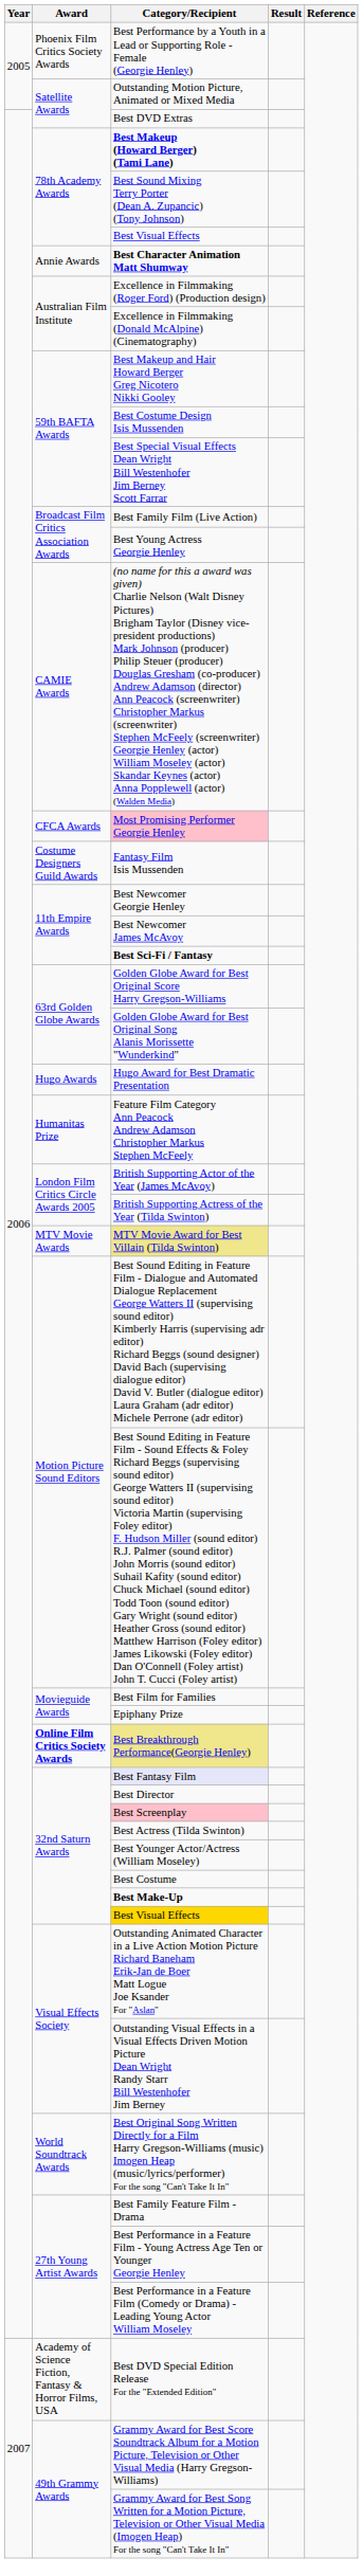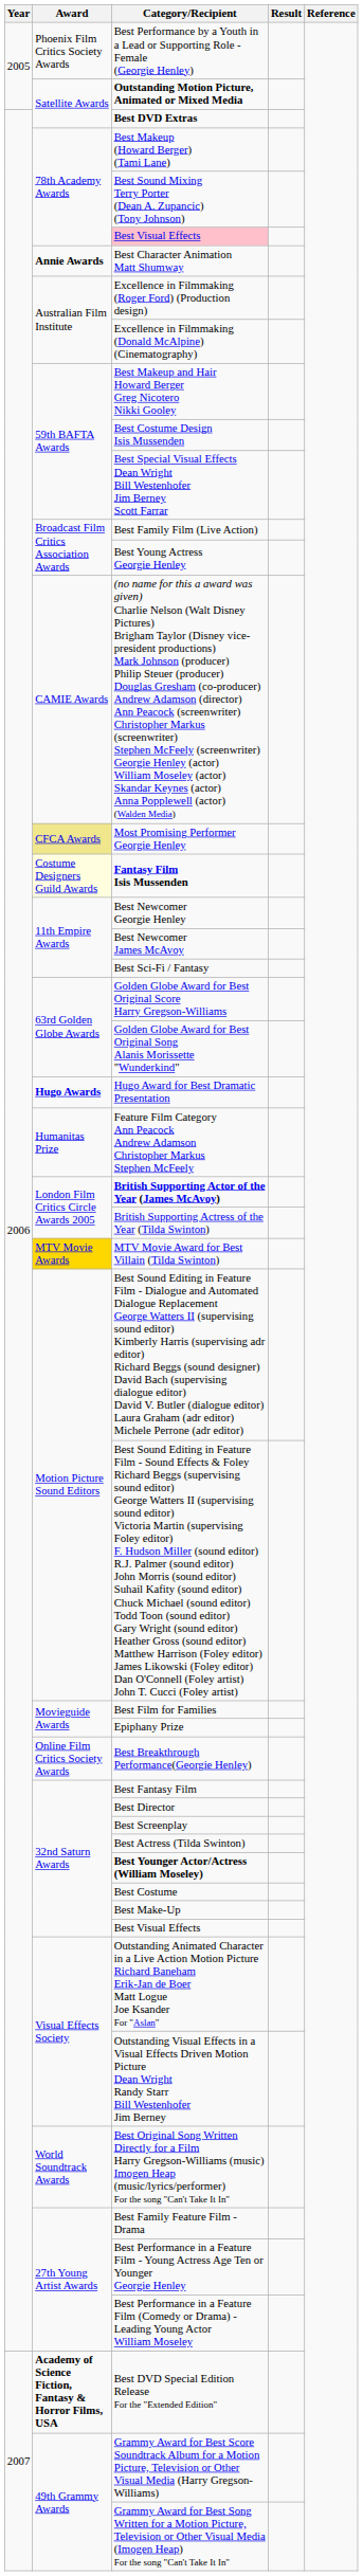 <table class="wikitable" style="width:80%;">
 <tr>
 <th>Year</th>
 <th>Award</th>
 <th>Category/Recipient</th>
 <th>Result</th>
 <th>Reference</th>
 </tr>
 <tr>
 <td rowspan="2">2005</td>
 <td>Phoenix Film Critics Society Awards</td>
 <td>Best Performance by a Youth in a Lead or Supporting Role - Female<br>(<a href='#'>Georgie Henley</a>)</td>
 <td></td>
 <td rowspan="49" style="text-align:center;"></td>
 </tr>
 <tr>
 <td rowspan="2"><a href='#'>Satellite Awards</a></td>
-<td>Outstanding Motion Picture, Animated or Mixed Media</td>
+<td><strong>Outstanding Motion Picture, Animated or Mixed Media</strong></td>
 <td></td>
 </tr>
 <tr>
 <td rowspan="44">2006</td>
-<td>Best DVD Extras</td>
+<td><strong>Best DVD Extras</strong></td>
 <td></td>
 </tr>
 <tr>
 <td rowspan="3"><a href='#'>78th Academy Awards</a></td>
-<td><strong><a href='#'>Best Makeup</a><br>(<a href='#'>Howard Berger</a>)<br>(<a href='#'>Tami Lane</a>)</strong></td>
+<td><a href='#'>Best Makeup</a><br>(<a href='#'>Howard Berger</a>)<br>(<a href='#'>Tami Lane</a>)</td>
 <td></td>
 </tr>
 <tr>
 <td><a href='#'>Best Sound Mixing</a><br><a href='#'>Terry Porter</a><br>(<a href='#'>Dean A. Zupancic</a>)<br>(<a href='#'>Tony Johnson</a>)</td>
 <td></td>
 </tr>
 <tr>
-<td><a href='#'>Best Visual Effects</a></td>
+<td style="background: pink;"><a href='#'>Best Visual Effects</a></td>
 <td></td>
 </tr>
 <tr>
-<td>Annie Awards</td>
-<td><strong>Best Character Animation<br><a href='#'>Matt Shumway</a></strong></td>
+<td><strong>Annie Awards</strong></td>
+<td>Best Character Animation<br><a href='#'>Matt Shumway</a></td>
 <td></td>
 </tr>
 <tr>
 <td rowspan="2">Australian Film Institute</td>
 <td>Excellence in Filmmaking<br>(<a href='#'>Roger Ford</a>) (Production design)</td>
 <td></td>
 </tr>
 <tr>
 <td>Excellence in Filmmaking<br>(<a href='#'>Donald McAlpine</a>) (Cinematography)</td>
 <td></td>
 </tr>
 <tr>
 <td rowspan="3"><a href='#'>59th BAFTA Awards</a></td>
 <td><a href='#'>Best Makeup and Hair</a><br><a href='#'>Howard Berger</a><br><a href='#'>Greg Nicotero</a><br><a href='#'>Nikki Gooley</a></td>
 <td></td>
 </tr>
 <tr>
 <td><a href='#'>Best Costume Design</a><br><a href='#'>Isis Mussenden</a></td>
 <td></td>
 </tr>
 <tr>
 <td><a href='#'>Best Special Visual Effects</a><br><a href='#'>Dean Wright</a><br><a href='#'>Bill Westenhofer</a><br><a href='#'>Jim Berney</a><br><a href='#'>Scott Farrar</a></td>
 <td></td>
 </tr>
 <tr>
 <td rowspan="2"><a href='#'>Broadcast Film Critics Association Awards</a></td>
 <td>Best Family Film (Live Action)</td>
 <td></td>
 </tr>
 <tr>
 <td>Best Young Actress<br><a href='#'>Georgie Henley</a></td>
 <td></td>
 </tr>
 <tr>
 <td><a href='#'>CAMIE Awards</a></td>
 <td><em>(no name for this a award was given)</em><br>Charlie Nelson (Walt Disney Pictures)<br>Brigham Taylor (Disney vice-president productions)<br><a href='#'>Mark Johnson</a> (producer)<br>Philip Steuer (producer)<br><a href='#'>Douglas Gresham</a> (co-producer)<br><a href='#'>Andrew Adamson</a> (director)<br><a href='#'>Ann Peacock</a> (screenwriter)<br><a href='#'>Christopher Markus</a> (screenwriter)<br><a href='#'>Stephen McFeely</a> (screenwriter)<br><a href='#'>Georgie Henley</a> (actor)<br><a href='#'>William Moseley</a> (actor)<br><a href='#'>Skandar Keynes</a> (actor)<br><a href='#'>Anna Popplewell</a> (actor)<br><small>(<a href='#'>Walden Media</a>)</small></td>
 <td></td>
 </tr>
 <tr>
-<td><a href='#'>CFCA Awards</a></td>
-<td style="background: pink;"><a href='#'>Most Promising Performer</a><br><a href='#'>Georgie Henley</a></td>
+<td style="background: khaki;"><a href='#'>CFCA Awards</a></td>
+<td><a href='#'>Most Promising Performer</a><br><a href='#'>Georgie Henley</a></td>
 <td></td>
 </tr>
 <tr>
-<td><a href='#'>Costume Designers Guild Awards</a></td>
-<td><a href='#'>Fantasy Film</a><br>Isis Mussenden</td>
+<td style="background: lightyellow;"><a href='#'>Costume Designers Guild Awards</a></td>
+<td><strong><a href='#'>Fantasy Film</a><br>Isis Mussenden</strong></td>
 <td></td>
 </tr>
 <tr>
 <td rowspan="3"><a href='#'>11th Empire Awards</a></td>
 <td>Best Newcomer<br>Georgie Henley</td>
 <td></td>
 </tr>
 <tr>
 <td>Best Newcomer<br><a href='#'>James McAvoy</a></td>
 <td></td>
 </tr>
 <tr>
-<td><strong>Best Sci-Fi / Fantasy</strong></td>
+<td>Best Sci-Fi / Fantasy</td>
 <td></td>
 </tr>
 <tr>
 <td rowspan="2"><a href='#'>63rd Golden Globe Awards</a></td>
 <td><a href='#'>Golden Globe Award for Best Original Score</a><br><a href='#'>Harry Gregson-Williams</a></td>
 <td></td>
 </tr>
 <tr>
 <td><a href='#'>Golden Globe Award for Best Original Song</a><br><a href='#'>Alanis Morissette</a><br>"<a href='#'>Wunderkind</a>"</td>
 <td></td>
 </tr>
 <tr>
-<td><a href='#'>Hugo Awards</a></td>
+<td><strong><a href='#'>Hugo Awards</a></strong></td>
 <td><a href='#'>Hugo Award for Best Dramatic Presentation</a></td>
 <td></td>
 </tr>
 <tr>
 <td><a href='#'>Humanitas Prize</a></td>
 <td>Feature Film Category<br><a href='#'>Ann Peacock</a><br><a href='#'>Andrew Adamson</a><br><a href='#'>Christopher Markus</a><br><a href='#'>Stephen McFeely</a></td>
 <td></td>
 </tr>
 <tr>
 <td rowspan="2"><a href='#'>London Film Critics Circle Awards 2005</a></td>
-<td><a href='#'>British Supporting Actor of the Year</a> (<a href='#'>James McAvoy</a>)</td>
+<td><strong><a href='#'>British Supporting Actor of the Year</a> (<a href='#'>James McAvoy</a>)</strong></td>
 <td></td>
 </tr>
 <tr>
 <td><a href='#'>British Supporting Actress of the Year</a> (<a href='#'>Tilda Swinton</a>)</td>
 <td></td>
 </tr>
 <tr>
-<td><a href='#'>MTV Movie Awards</a></td>
-<td style="background: khaki;"><a href='#'>MTV Movie Award for Best Villain</a> (<a href='#'>Tilda Swinton</a>)</td>
+<td style="background: gold;"><a href='#'>MTV Movie Awards</a></td>
+<td><a href='#'>MTV Movie Award for Best Villain</a> (<a href='#'>Tilda Swinton</a>)</td>
 <td></td>
 </tr>
 <tr>
 <td rowspan="2"><a href='#'>Motion Picture Sound Editors</a></td>
 <td>Best Sound Editing in Feature Film - Dialogue and Automated Dialogue Replacement<br><a href='#'>George Watters II</a> (supervising sound editor)<br>Kimberly Harris (supervising adr editor)<br>Richard Beggs (sound designer) <br>David Bach (supervising dialogue editor)<br>David V. Butler (dialogue editor) <br>Laura Graham (adr editor)<br>Michele Perrone (adr editor)</td>
 <td></td>
 </tr>
 <tr>
 <td>Best Sound Editing in Feature Film - Sound Effects & Foley<br>Richard Beggs (supervising sound editor)<br>George Watters II (supervising sound editor)<br>Victoria Martin (supervising Foley editor)<br><a href='#'>F. Hudson Miller</a> (sound editor)<br>R.J. Palmer (sound editor)<br>John Morris (sound editor)<br>Suhail Kafity (sound editor)<br>Chuck Michael (sound editor)<br>Todd Toon (sound editor)<br>Gary Wright (sound editor)<br>Heather Gross (sound editor)<br>Matthew Harrison (Foley editor)<br>James Likowski (Foley editor)<br>Dan O'Connell (Foley artist)<br>John T. Cucci (Foley artist)</td>
 <td></td>
 </tr>
 <tr>
 <td rowspan="2"><a href='#'>Movieguide Awards</a></td>
 <td>Best Film for Families</td>
 <td></td>
 </tr>
 <tr>
 <td>Epiphany Prize</td>
 <td></td>
 </tr>
 <tr>
-<td><strong><a href='#'>Online Film Critics Society Awards</a></strong></td>
-<td style="background: khaki;"><a href='#'>Best Breakthrough Performance</a>(<a href='#'>Georgie Henley</a>)</td>
+<td><a href='#'>Online Film Critics Society Awards</a></td>
+<td><a href='#'>Best Breakthrough Performance</a>(<a href='#'>Georgie Henley</a>)</td>
 <td></td>
 </tr>
 <tr>
 <td rowspan="8"><a href='#'>32nd Saturn Awards</a></td>
-<td style="background: lavender;">Best Fantasy Film</td>
+<td>Best Fantasy Film</td>
 <td></td>
 </tr>
 <tr>
 <td>Best Director</td>
 <td></td>
 </tr>
 <tr>
-<td style="background: pink;">Best Screenplay</td>
+<td>Best Screenplay</td>
 <td></td>
 </tr>
 <tr>
 <td>Best Actress (Tilda Swinton)</td>
 <td></td>
 </tr>
 <tr>
-<td>Best Younger Actor/Actress (William Moseley)</td>
+<td><strong>Best Younger Actor/Actress (William Moseley)</strong></td>
 <td></td>
 </tr>
 <tr>
 <td>Best Costume</td>
 <td></td>
 </tr>
 <tr>
-<td><strong>Best Make-Up</strong></td>
+<td>Best Make-Up</td>
 <td></td>
 </tr>
 <tr>
-<td style="background: gold;">Best Visual Effects</td>
+<td>Best Visual Effects</td>
 <td></td>
 </tr>
 <tr>
 <td rowspan="2"><a href='#'>Visual Effects Society</a></td>
 <td>Outstanding Animated Character in a Live Action Motion Picture<br><a href='#'>Richard Baneham</a><br><a href='#'>Erik-Jan de Boer</a><br>Matt Logue<br>Joe Ksander<br><small>For "<a href='#'>Aslan</a>"</small></td>
 <td></td>
 </tr>
 <tr>
 <td>Outstanding Visual Effects in a Visual Effects Driven Motion Picture<br><a href='#'>Dean Wright</a><br>Randy Starr<br><a href='#'>Bill Westenhofer</a><br>Jim Berney</td>
 <td></td>
 </tr>
 <tr>
 <td><a href='#'>World Soundtrack Awards</a></td>
 <td><a href='#'>Best Original Song Written Directly for a Film</a><br>Harry Gregson-Williams (music)<br><a href='#'>Imogen Heap</a> (music/lyrics/performer)<br><small>For the song "Can't Take It In"</small></td>
 <td></td>
 </tr>
 <tr>
 <td rowspan="3"><a href='#'>27th Young Artist Awards</a></td>
 <td>Best Family Feature Film - Drama</td>
 <td></td>
 </tr>
 <tr>
 <td>Best Performance in a Feature Film - Young Actress Age Ten or Younger<br><a href='#'>Georgie Henley</a></td>
 <td></td>
 </tr>
 <tr>
 <td>Best Performance in a Feature Film (Comedy or Drama) - Leading Young Actor<br><a href='#'>William Moseley</a></td>
 <td></td>
 </tr>
 <tr>
 <td rowspan="3">2007</td>
-<td>Academy of Science Fiction, Fantasy & Horror Films, USA</td>
+<td><strong>Academy of Science Fiction, Fantasy & Horror Films, USA</strong></td>
 <td>Best DVD Special Edition Release<br><small>For the "Extended Edition"</small></td>
 <td></td>
 </tr>
 <tr>
 <td rowspan="2"><a href='#'>49th Grammy Awards</a></td>
 <td><a href='#'>Grammy Award for Best Score Soundtrack Album for a Motion Picture, Television or Other Visual Media</a> (Harry Gregson-Williams)</td>
 <td></td>
 </tr>
 <tr>
 <td><a href='#'>Grammy Award for Best Song Written for a Motion Picture, Television or Other Visual Media</a><br>(<a href='#'>Imogen Heap</a>)<br><small>For the song "Can't Take It In"</small></td>
 <td></td>
 </tr>
 </table>
